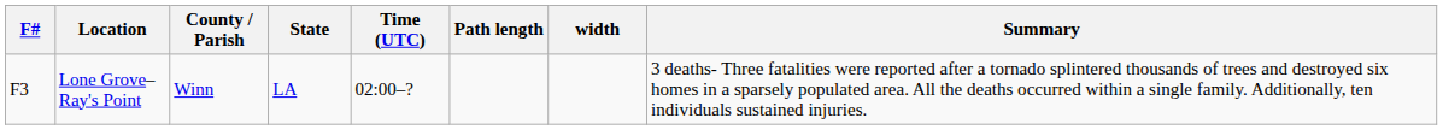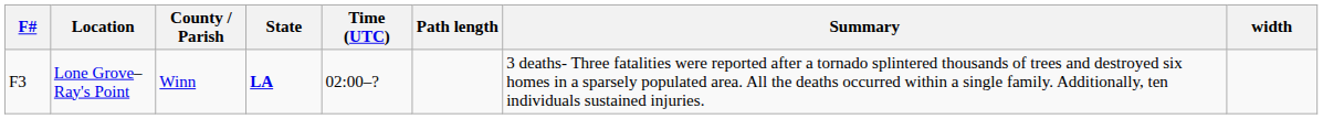 <table class="wikitable sortable" style="width:100%;">
 <tr>
 <th scope="col"  style="width:3%; text-align:center;"><a href='#'>F#</a></th>
 <th scope="col"  style="width:7%; text-align:center;" class="unsortable">Location</th>
 <th scope="col"  style="width:6%; text-align:center;" class="unsortable">County / Parish</th>
 <th scope="col"  style="width:5%; text-align:center;">State</th>
 <th scope="col"  style="width:6%; text-align:center;">Time (<a href='#'>UTC</a>)</th>
 <th scope="col"  style="width:6%; text-align:center;">Path length</th>
+<th scope="col" class="unsortable" style="width:48%; text-align:center;">Summary</th>
 <th scope="col"  style="width:6%; text-align:center;"> width</th>
-<th scope="col" class="unsortable" style="width:48%; text-align:center;">Summary</th>
 </tr>
 <tr>
 <td>F3</td>
 <td><a href='#'>Lone Grove</a>–<a href='#'>Ray's Point</a></td>
 <td><a href='#'>Winn</a></td>
-<td><a href='#'>LA</a></td>
+<td><strong><a href='#'>LA</a></strong></td>
 <td>02:00–?</td>
 <td></td>
+<td>3 deaths- Three fatalities were reported after a tornado splintered thousands of trees and destroyed six homes in a sparsely populated area. All the deaths occurred within a single family. Additionally, ten individuals sustained injuries.</td>
 <td></td>
-<td>3 deaths- Three fatalities were reported after a tornado splintered thousands of trees and destroyed six homes in a sparsely populated area. All the deaths occurred within a single family. Additionally, ten individuals sustained injuries.</td>
 </tr>
 </table>
